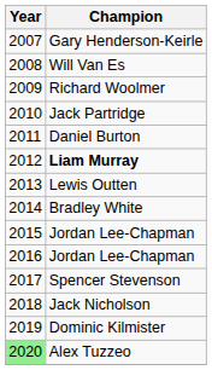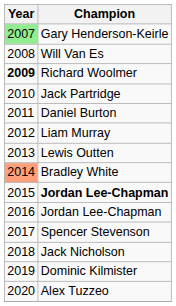 <table class="wikitable">
 <tr>
 <th>Year</th>
 <th>Champion</th>
 </tr>
 <tr>
-<td>2007</td>
+<td style="background: lightgreen;">2007</td>
 <td>Gary Henderson-Keirle</td>
 </tr>
 <tr>
 <td>2008</td>
 <td>Will Van Es</td>
 </tr>
 <tr>
-<td>2009</td>
+<td><strong>2009</strong></td>
 <td>Richard Woolmer</td>
 </tr>
 <tr>
 <td>2010</td>
 <td>Jack Partridge</td>
 </tr>
 <tr>
 <td>2011</td>
 <td>Daniel Burton</td>
 </tr>
 <tr>
 <td>2012</td>
-<td><strong>Liam Murray</strong></td>
+<td>Liam Murray</td>
 </tr>
 <tr>
 <td>2013</td>
 <td>Lewis Outten</td>
 </tr>
 <tr>
-<td>2014</td>
+<td style="background: lightsalmon;">2014</td>
 <td>Bradley White</td>
 </tr>
 <tr>
 <td>2015</td>
-<td>Jordan Lee-Chapman</td>
+<td><strong>Jordan Lee-Chapman</strong></td>
 </tr>
 <tr>
 <td>2016</td>
 <td>Jordan Lee-Chapman</td>
 </tr>
 <tr>
 <td>2017</td>
 <td>Spencer Stevenson</td>
 </tr>
 <tr>
 <td>2018</td>
 <td>Jack Nicholson</td>
 </tr>
 <tr>
 <td>2019</td>
 <td>Dominic Kilmister</td>
 </tr>
 <tr>
-<td style="background: lightgreen;">2020</td>
+<td>2020</td>
 <td>Alex Tuzzeo</td>
 </tr>
 <tr>
 </tr>
 </table>
